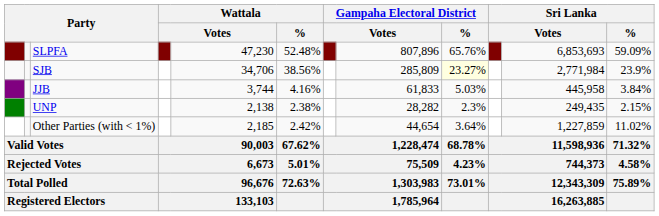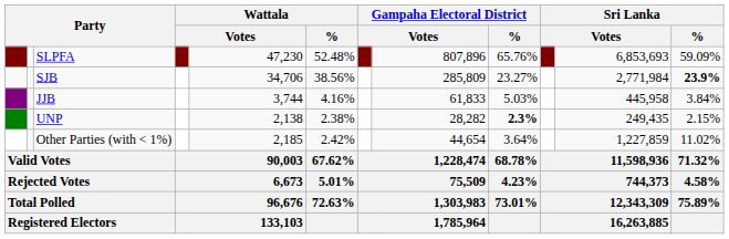 <table class="wikitable">
 <tr>
 <th colspan="3" width="144px"rowspan="2">Party</th>
 <th colspan="3" width="216px">Wattala</th>
 <th colspan="3" width="216px"><a href='#'>Gampaha Electoral District</a></th>
 <th colspan="3" width="216px">Sri Lanka</th>
 </tr>
 <tr>
 <th colspan="2" width="144px">Votes</th>
 <th>%</th>
 <th colspan="2" width="144px">Votes</th>
 <th>%</th>
 <th colspan="2" width="144px">Votes</th>
 <th>%</th>
 </tr>
 <tr>
 <td style="background-color:maroon;" width="20px"></td>
 <td></td>
 <td style="text-align:left;"><a href='#'>SLPFA</a></td>
 <td style="background-color:maroon;" width="10px"></td>
 <td style="text-align:right;">47,230</td>
 <td style="text-align:right;">52.48%</td>
 <td style="background-color:maroon;" width="10px"></td>
 <td style="text-align:right;">807,896</td>
 <td style="text-align:right;">65.76%</td>
 <td style="background-color:maroon;" width="10px"></td>
 <td style="text-align:right;">6,853,693</td>
 <td style="text-align:right;">59.09%</td>
 </tr>
 <tr>
 <td style="background-color:"></td>
 <td></td>
 <td style="text-align:left;"><a href='#'>SJB</a></td>
 <td style="background-color:white;" width="10px"></td>
 <td style="text-align:right;">34,706</td>
 <td style="text-align:right;">38.56%</td>
 <td style="background-color:white;" width="10px"></td>
 <td style="text-align:right;">285,809</td>
-<td style="background: lightyellow; text-align:right;">23.27%</td>
+<td style="text-align:right;">23.27%</td>
 <td style="background-color:white;" width="10px"></td>
 <td style="text-align:right;">2,771,984</td>
-<td style="text-align:right;">23.9%</td>
+<td style="text-align:right;"><strong>23.9%</strong></td>
 </tr>
 <tr>
 <td style="background-color:purple;" width="20px"></td>
 <td></td>
 <td style="text-align:left;"><a href='#'>JJB</a></td>
 <td style="background-color:white;" width="10px"></td>
 <td style="text-align:right;">3,744</td>
 <td style="text-align:right;">4.16%</td>
 <td style="background-color:white;" width="10px"></td>
 <td style="text-align:right;">61,833</td>
 <td style="text-align:right;">5.03%</td>
 <td style="background-color:white;" width="10px"></td>
 <td style="text-align:right;">445,958</td>
 <td style="text-align:right;">3.84%</td>
 </tr>
 <tr>
 <td style="background-color:green;" width="20px"></td>
 <td></td>
 <td style="text-align:left;"><a href='#'>UNP</a></td>
 <td style="background-color:white;" width="10px"></td>
 <td style="text-align:right;">2,138</td>
 <td style="text-align:right;">2.38%</td>
 <td style="background-color:white;" width="10px"></td>
 <td style="text-align:right;">28,282</td>
-<td style="text-align:right;">2.3%</td>
+<td style="text-align:right;"><strong>2.3%</strong></td>
 <td style="background-color:white;" width="10px"></td>
 <td style="text-align:right;">249,435</td>
 <td style="text-align:right;">2.15%</td>
 </tr>
 <tr>
 <td style="background-color:white;" width="20px"></td>
 <td></td>
 <td style="text-align:left;">Other Parties (with < 1%)</td>
 <td style="background-color:white;" width="10px"></td>
 <td style="text-align:right;">2,185</td>
 <td style="text-align:right;">2.42%</td>
 <td style="background-color:white;" width="10px"></td>
 <td style="text-align:right;">44,654</td>
 <td style="text-align:right;">3.64%</td>
 <td style="background-color:white;" width="10px"></td>
 <td style="text-align:right;">1,227,859</td>
 <td style="text-align:right;">11.02%</td>
 </tr>
 <tr>
 <th colspan="3" width="144px"style="text-align:left;">Valid Votes</th>
 <th style="text-align:right;"colspan="2" width="144px">90,003</th>
 <th style="text-align:right;">67.62%</th>
 <th style="text-align:right;"colspan="2" width="144px">1,228,474</th>
 <th style="text-align:right;">68.78%</th>
 <th style="text-align:right;"colspan="2" width="144px">11,598,936</th>
 <th style="text-align:right;">71.32%</th>
 </tr>
 <tr>
 <th colspan="3" width="144px"style="text-align:left;">Rejected Votes</th>
 <th style="text-align:right;"colspan="2" width="144px">6,673</th>
 <th style="text-align:right;">5.01%</th>
 <th style="text-align:right;"colspan="2" width="144px">75,509</th>
 <th style="text-align:right;">4.23%</th>
 <th style="text-align:right;"colspan="2" width="144px">744,373</th>
 <th style="text-align:right;">4.58%</th>
 </tr>
 <tr>
 <th colspan="3" width="144px"style="text-align:left;">Total Polled</th>
 <th style="text-align:right;"colspan="2" width="144px">96,676</th>
 <th style="text-align:right;">72.63%</th>
 <th style="text-align:right;"colspan="2" width="144px">1,303,983</th>
 <th style="text-align:right;">73.01%</th>
 <th style="text-align:right;"colspan="2" width="144px">12,343,309</th>
 <th style="text-align:right;">75.89%</th>
 </tr>
 <tr>
 <th colspan="3" width="144px"style="text-align:left;">Registered Electors</th>
 <th style="text-align:right;"colspan="2" width="144px">133,103</th>
 <th></th>
 <th style="text-align:right;"colspan="2" width="144px">1,785,964</th>
 <th></th>
 <th style="text-align:right;"colspan="2" width="144px">16,263,885</th>
 <th></th>
 </tr>
 </table>
